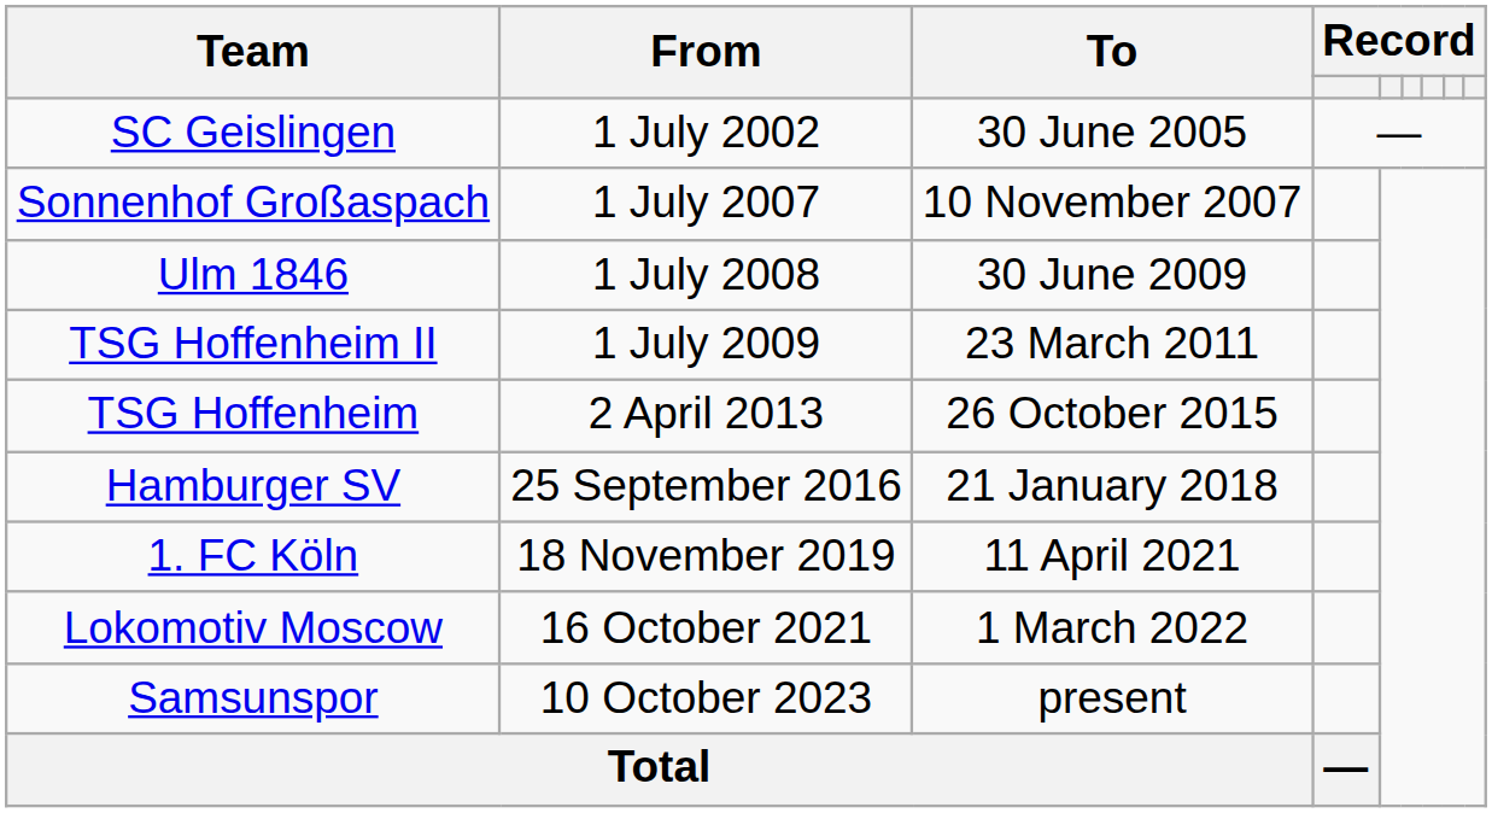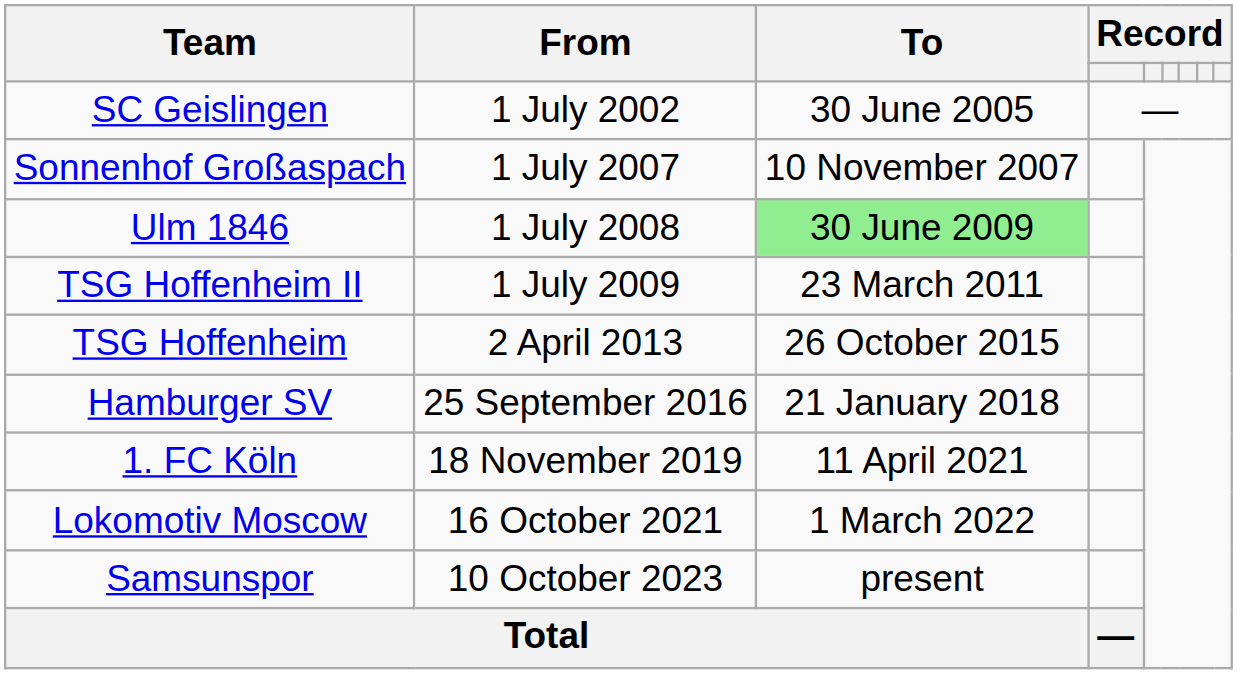 <table class="wikitable" style="text-align: center">
 <tr>
 <th rowspan="2">Team</th>
 <th rowspan="2">From</th>
 <th rowspan="2">To</th>
 <th colspan="6">Record</th>
 </tr>
 <tr>
 <th></th>
 <th></th>
 <th></th>
 <th></th>
 <th></th>
 <th></th>
 </tr>
 <tr>
 <td><a href='#'>SC Geislingen</a></td>
 <td>1 July 2002</td>
 <td>30 June 2005</td>
 <td colspan="6">—</td>
 </tr>
 <tr>
 <td><a href='#'>Sonnenhof Großaspach</a></td>
 <td>1 July 2007</td>
 <td>10 November 2007<br></td>
 <td></td>
 </tr>
 <tr>
 <td><a href='#'>Ulm 1846</a></td>
 <td>1 July 2008</td>
-<td>30 June 2009<br></td>
+<td style="background: lightgreen;">30 June 2009<br></td>
 <td></td>
 </tr>
 <tr>
 <td><a href='#'>TSG Hoffenheim II</a></td>
 <td>1 July 2009</td>
 <td>23 March 2011<br></td>
 <td><br></td>
 </tr>
 <tr>
 <td><a href='#'>TSG Hoffenheim</a></td>
 <td>2 April 2013</td>
 <td>26 October 2015<br></td>
 <td></td>
 </tr>
 <tr>
 <td><a href='#'>Hamburger SV</a></td>
 <td>25 September 2016</td>
 <td>21 January 2018<br></td>
 <td></td>
 </tr>
 <tr>
 <td><a href='#'>1. FC Köln</a></td>
 <td>18 November 2019</td>
 <td>11 April 2021<br></td>
 <td></td>
 </tr>
 <tr>
 <td><a href='#'>Lokomotiv Moscow</a></td>
 <td>16 October 2021</td>
 <td>1 March 2022<br></td>
 <td></td>
 </tr>
 <tr>
 <td><a href='#'>Samsunspor</a></td>
 <td>10 October 2023</td>
 <td>present<br></td>
 <td></td>
 </tr>
 <tr>
 <th colspan="3">Total<br></th>
 <th>—</th>
 </tr>
 </table>
